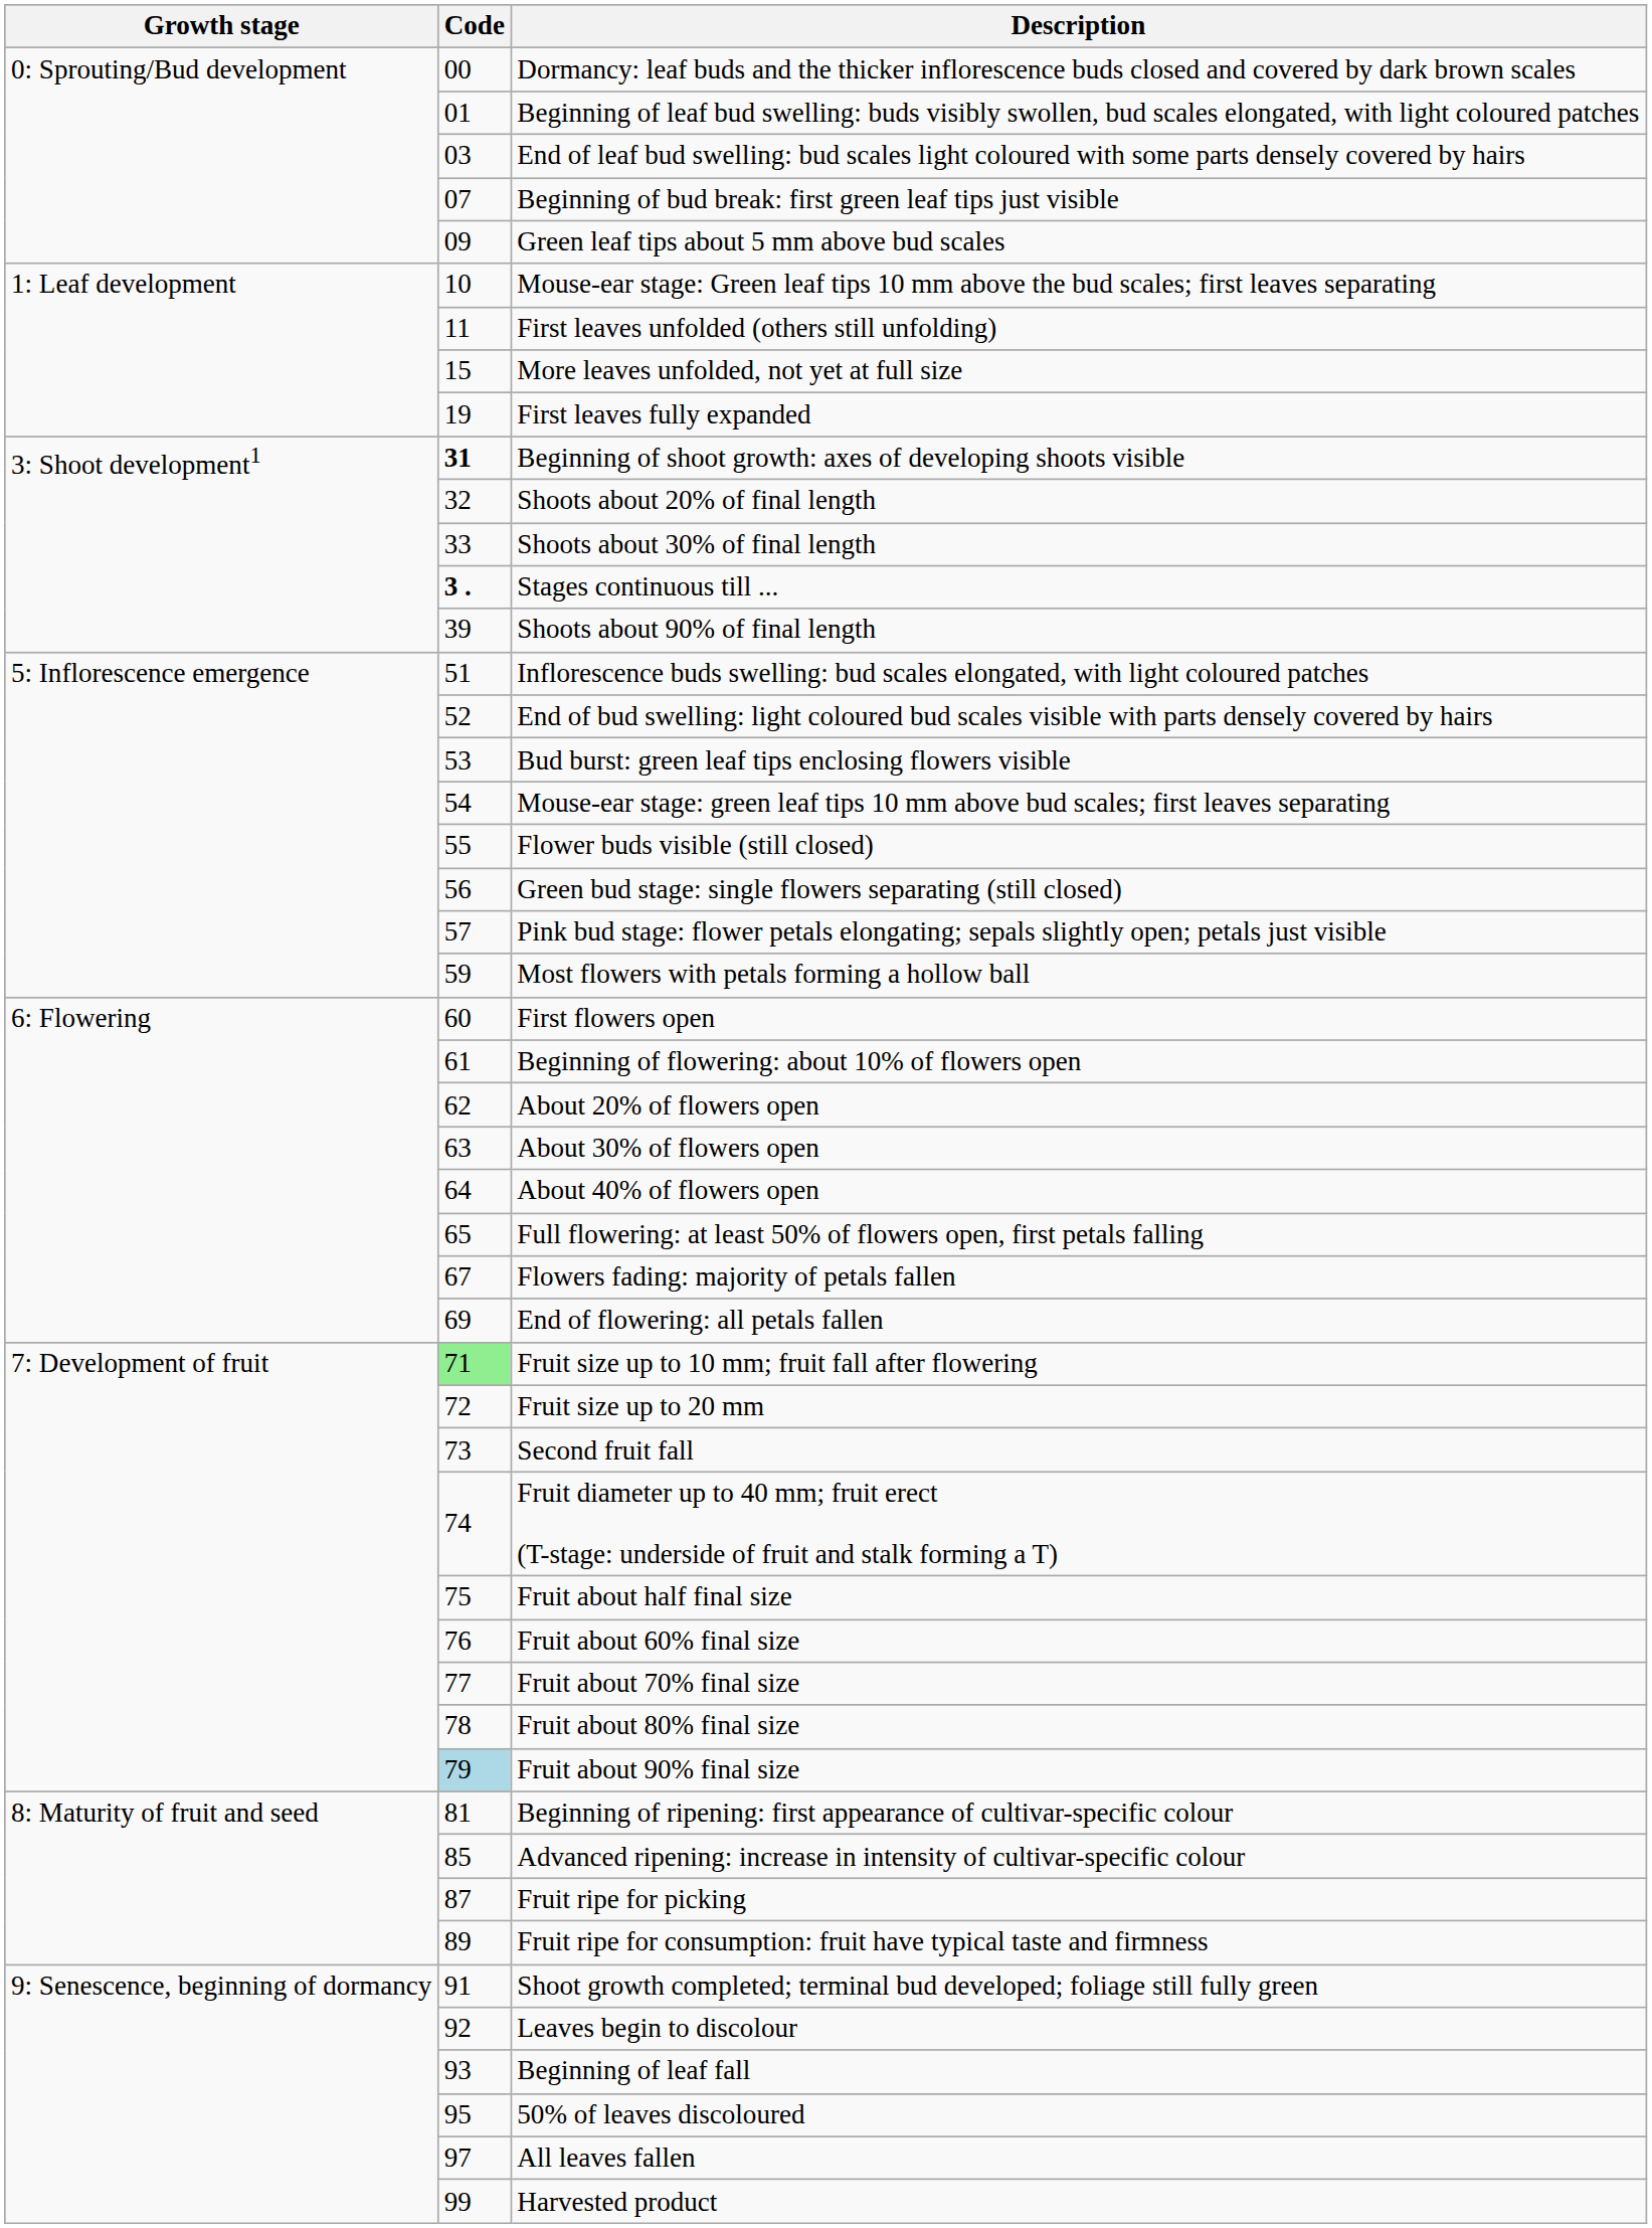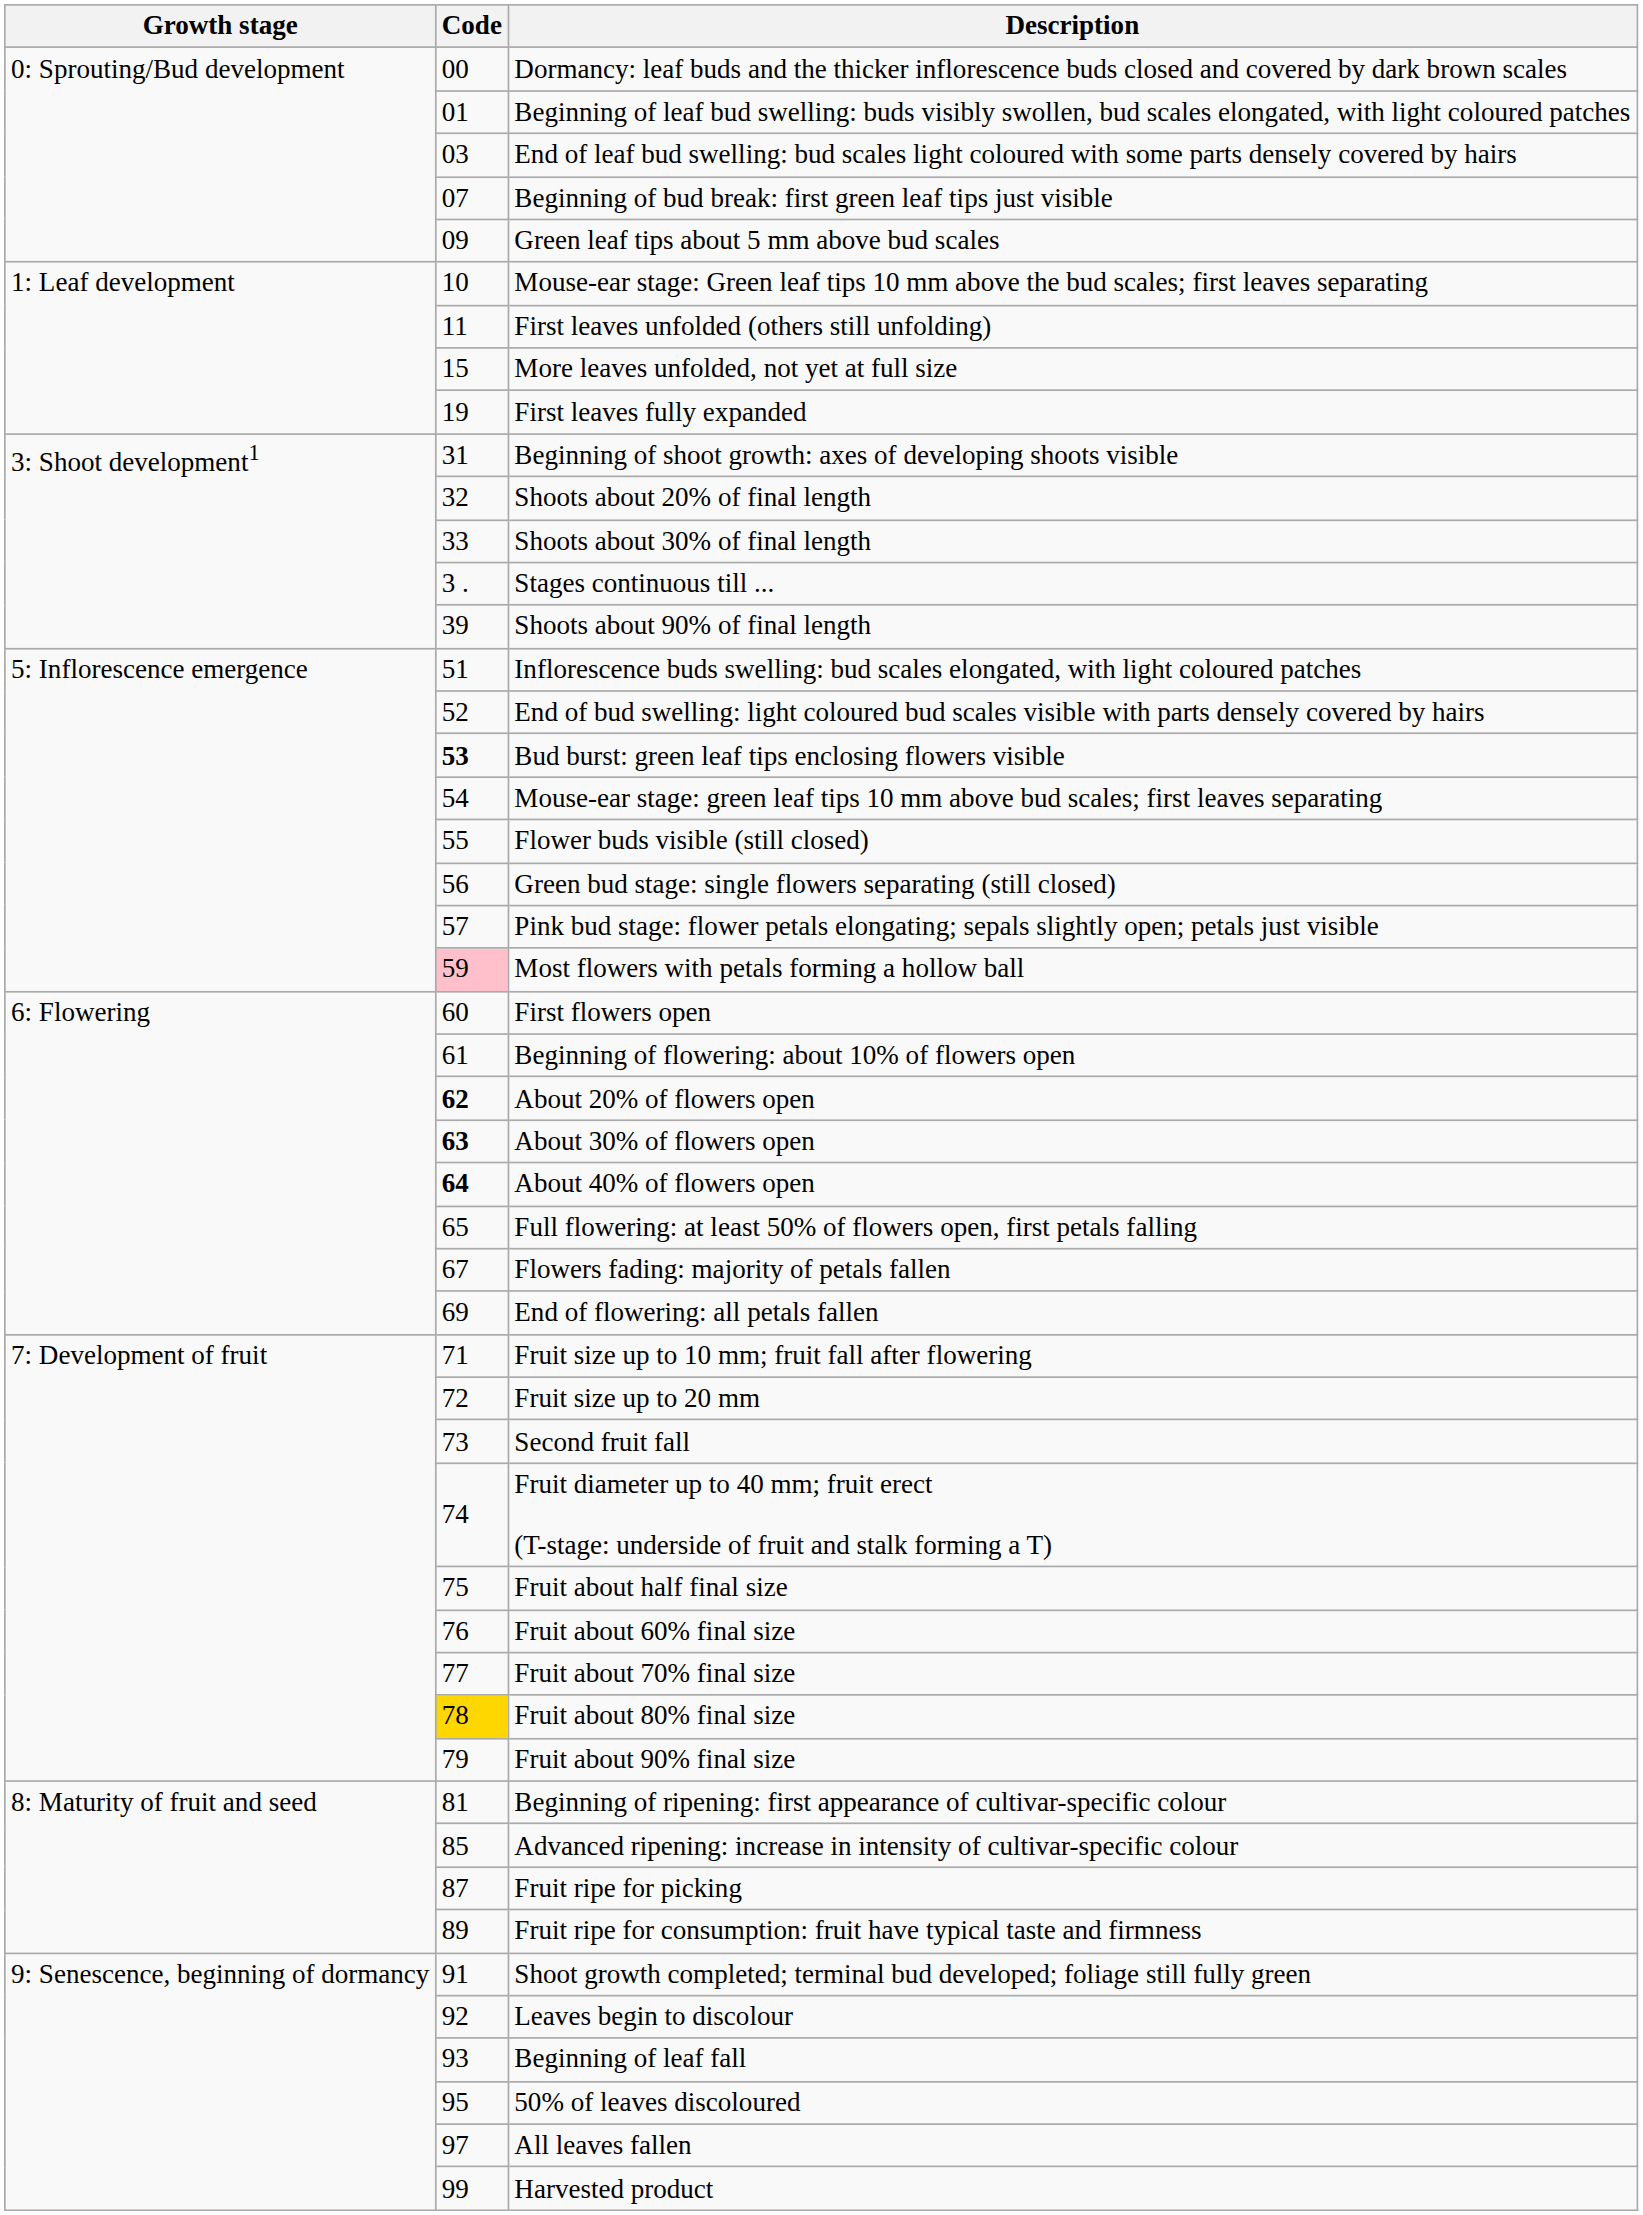 <table class="wikitable" style="clear">
 <tr>
 <th>Growth stage</th>
 <th>Code</th>
 <th>Description</th>
 </tr>
 <tr>
 <td rowspan="5" style="vertical-align:top">0: Sprouting/Bud development</td>
 <td>00</td>
 <td>Dormancy: leaf buds and the thicker inflorescence buds closed and covered by dark brown scales</td>
 </tr>
 <tr>
 <td>01</td>
 <td>Beginning of leaf bud swelling: buds visibly swollen, bud scales elongated, with light coloured patches</td>
 </tr>
 <tr>
 <td>03</td>
 <td>End of leaf bud swelling: bud scales light coloured with some parts densely covered by hairs</td>
 </tr>
 <tr>
 <td>07</td>
 <td>Beginning of bud break: first green leaf tips just visible</td>
 </tr>
 <tr>
 <td>09</td>
 <td>Green leaf tips about 5 mm above bud scales</td>
 </tr>
 <tr>
 <td rowspan="4" style="vertical-align:top">1: Leaf development</td>
 <td>10</td>
 <td>Mouse-ear stage: Green leaf tips 10 mm above the bud scales; first leaves separating</td>
 </tr>
 <tr>
 <td>11</td>
 <td>First leaves unfolded (others still unfolding)</td>
 </tr>
 <tr>
 <td>15</td>
 <td>More leaves unfolded, not yet at full size</td>
 </tr>
 <tr>
 <td>19</td>
 <td>First leaves fully expanded</td>
 </tr>
 <tr>
 <td rowspan="5" style="vertical-align:top">3: Shoot development<sup>1</sup></td>
-<td><strong>31</strong></td>
+<td>31</td>
 <td>Beginning of shoot growth: axes of developing shoots visible</td>
 </tr>
 <tr>
 <td>32</td>
 <td>Shoots about 20% of final length</td>
 </tr>
 <tr>
 <td>33</td>
 <td>Shoots about 30% of final length</td>
 </tr>
 <tr>
-<td><strong>3 .</strong></td>
+<td>3 .</td>
 <td>Stages continuous till ...</td>
 </tr>
 <tr>
 <td>39</td>
 <td>Shoots about 90% of final length</td>
 </tr>
 <tr>
 <td rowspan="8" style="vertical-align:top">5: Inflorescence emergence</td>
 <td>51</td>
 <td>Inflorescence buds swelling: bud scales elongated, with light coloured patches</td>
 </tr>
 <tr>
 <td>52</td>
 <td>End of bud swelling: light coloured bud scales visible with parts densely covered by hairs</td>
 </tr>
 <tr>
-<td>53</td>
+<td><strong>53</strong></td>
 <td>Bud burst: green leaf tips enclosing flowers visible</td>
 </tr>
 <tr>
 <td>54</td>
 <td>Mouse-ear stage: green leaf tips 10 mm above bud scales; first leaves separating</td>
 </tr>
 <tr>
 <td>55</td>
 <td>Flower buds visible (still closed)</td>
 </tr>
 <tr>
 <td>56</td>
 <td>Green bud stage: single flowers separating (still closed)</td>
 </tr>
 <tr>
 <td>57</td>
 <td>Pink bud stage: flower petals elongating; sepals slightly open; petals just visible</td>
 </tr>
 <tr>
-<td>59</td>
+<td style="background: pink;">59</td>
 <td>Most flowers with petals forming a hollow ball</td>
 </tr>
 <tr>
 <td rowspan="8" style="vertical-align:top">6: Flowering</td>
 <td>60</td>
 <td>First flowers open</td>
 </tr>
 <tr>
 <td>61</td>
 <td>Beginning of flowering: about 10% of flowers open</td>
 </tr>
 <tr>
-<td>62</td>
+<td><strong>62</strong></td>
 <td>About 20% of flowers open</td>
 </tr>
 <tr>
-<td>63</td>
+<td><strong>63</strong></td>
 <td>About 30% of flowers open</td>
 </tr>
 <tr>
-<td>64</td>
+<td><strong>64</strong></td>
 <td>About 40% of flowers open</td>
 </tr>
 <tr>
 <td>65</td>
 <td>Full flowering: at least 50% of flowers open, first petals falling</td>
 </tr>
 <tr>
 <td>67</td>
 <td>Flowers fading: majority of petals fallen</td>
 </tr>
 <tr>
 <td>69</td>
 <td>End of flowering: all petals fallen</td>
 </tr>
 <tr>
 <td rowspan="9" style="vertical-align:top">7: Development of fruit</td>
-<td style="background: lightgreen;">71</td>
+<td>71</td>
 <td>Fruit size up to 10 mm; fruit fall after flowering</td>
 </tr>
 <tr>
 <td>72</td>
 <td>Fruit size up to 20 mm</td>
 </tr>
 <tr>
 <td>73</td>
 <td>Second fruit fall</td>
 </tr>
 <tr>
 <td>74</td>
 <td>Fruit diameter up to 40 mm; fruit erect<br><br>(T-stage: underside of fruit and stalk forming a T)</td>
 </tr>
 <tr>
 <td>75</td>
 <td>Fruit about half final size</td>
 </tr>
 <tr>
 <td>76</td>
 <td>Fruit about 60% final size</td>
 </tr>
 <tr>
 <td>77</td>
 <td>Fruit about 70% final size</td>
 </tr>
 <tr>
-<td>78</td>
+<td style="background: gold;">78</td>
 <td>Fruit about 80% final size</td>
 </tr>
 <tr>
-<td style="background: lightblue;">79</td>
+<td>79</td>
 <td>Fruit about 90% final size</td>
 </tr>
 <tr>
 <td rowspan="4" style="vertical-align:top">8: Maturity of fruit and seed</td>
 <td>81</td>
 <td>Beginning of ripening: first appearance of cultivar-specific colour</td>
 </tr>
 <tr>
 <td>85</td>
 <td>Advanced ripening: increase in intensity of cultivar-specific colour</td>
 </tr>
 <tr>
 <td>87</td>
 <td>Fruit ripe for picking</td>
 </tr>
 <tr>
 <td>89</td>
 <td>Fruit ripe for consumption: fruit have typical taste and firmness</td>
 </tr>
 <tr>
 <td rowspan="6" style="vertical-align:top">9: Senescence, beginning of dormancy</td>
 <td>91</td>
 <td>Shoot growth completed; terminal bud developed; foliage still fully green</td>
 </tr>
 <tr>
 <td>92</td>
 <td>Leaves begin to discolour</td>
 </tr>
 <tr>
 <td>93</td>
 <td>Beginning of leaf fall</td>
 </tr>
 <tr>
 <td>95</td>
 <td>50% of leaves discoloured</td>
 </tr>
 <tr>
 <td>97</td>
 <td>All leaves fallen</td>
 </tr>
 <tr>
 <td>99</td>
 <td>Harvested product</td>
 </tr>
 </table>
